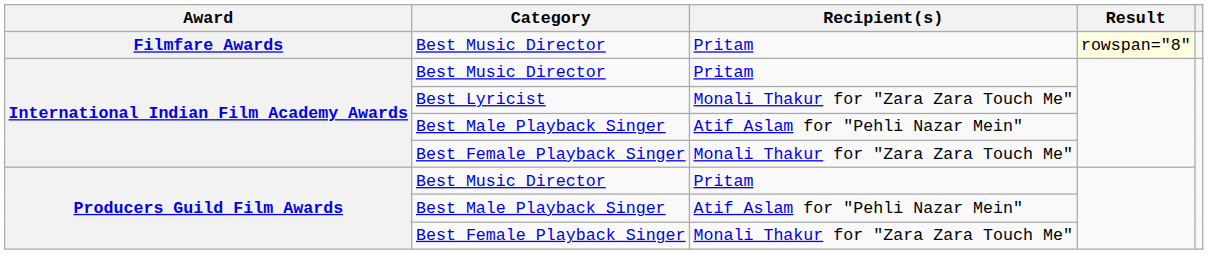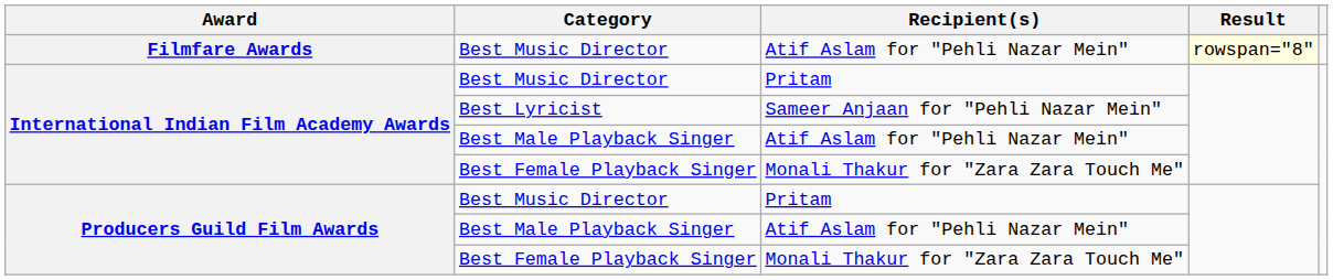 <table class="wikitable plainrowheaders sortable">
 <tr>
 <th scope="col">Award</th>
 <th scope="col">Category</th>
 <th scope="col">Recipient(s)</th>
 <th scope="col" class="unsortable">Result</th>
 <th scope="col" class="unsortable"></th>
 </tr>
 <tr>
 <th scope="row"><a href='#'>Filmfare Awards</a></th>
 <td><a href='#'>Best Music Director</a></td>
-<td><a href='#'>Pritam</a></td>
+<td><a href='#'>Atif Aslam</a> for "Pehli Nazar Mein"</td>
 <td style="background: lightyellow;">rowspan="8" </td>
 <td style="text-align:center;"><br></td>
 </tr>
 <tr>
 <th scope="row" rowspan="4"><a href='#'>International Indian Film Academy Awards</a></th>
 <td><a href='#'>Best Music Director</a></td>
 <td><a href='#'>Pritam</a></td>
 <td style="text-align:center;" rowspan="4"><br><br></td>
 </tr>
 <tr>
 <td><a href='#'>Best Lyricist</a></td>
-<td><a href='#'>Monali Thakur</a> for "Zara Zara Touch Me"</td>
+<td><a href='#'>Sameer Anjaan</a> for "Pehli Nazar Mein"</td>
 </tr>
 <tr>
 <td><a href='#'>Best Male Playback Singer</a></td>
 <td><a href='#'>Atif Aslam</a> for "Pehli Nazar Mein"</td>
 </tr>
 <tr>
 <td><a href='#'>Best Female Playback Singer</a></td>
 <td><a href='#'>Monali Thakur</a> for "Zara Zara Touch Me"</td>
 </tr>
 <tr>
 <th scope="row" rowspan="3"><a href='#'>Producers Guild Film Awards</a></th>
 <td><a href='#'>Best Music Director</a></td>
 <td><a href='#'>Pritam</a></td>
 <td style="text-align:center;" rowspan="3"><br><br><br></td>
 </tr>
 <tr>
 <td><a href='#'>Best Male Playback Singer</a></td>
 <td><a href='#'>Atif Aslam</a> for "Pehli Nazar Mein"</td>
 </tr>
 <tr>
 <td><a href='#'>Best Female Playback Singer</a></td>
 <td><a href='#'>Monali Thakur</a> for "Zara Zara Touch Me"</td>
 </tr>
 </table>
